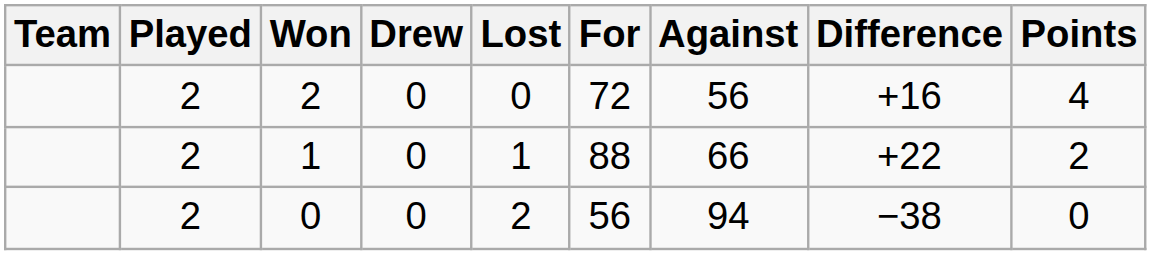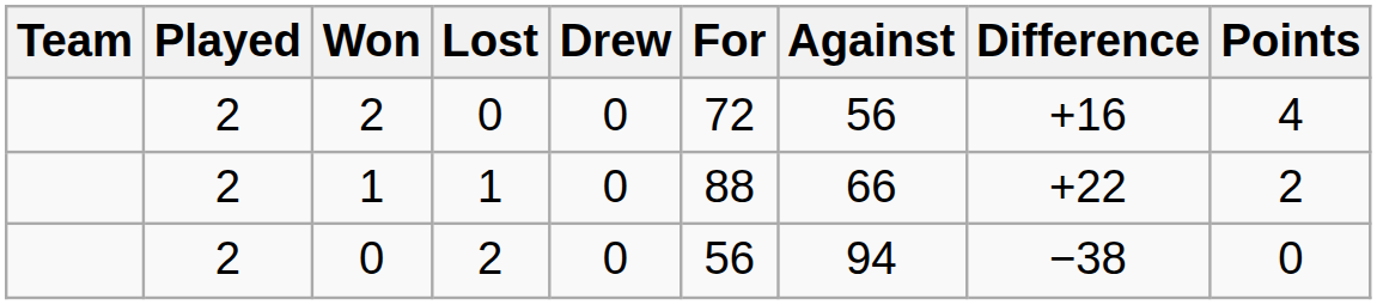 <table class="wikitable" style="text-align:center">
 <tr>
 <th>Team</th>
 <th>Played</th>
 <th>Won</th>
+<th>Lost</th>
 <th>Drew</th>
-<th>Lost</th>
 <th>For</th>
 <th>Against</th>
 <th>Difference</th>
 <th>Points</th>
 </tr>
 <tr>
 <td align=left></td>
 <td>2</td>
 <td>2</td>
 <td>0</td>
 <td>0</td>
 <td>72</td>
 <td>56</td>
 <td>+16</td>
 <td>4</td>
 </tr>
 <tr>
 <td align=left></td>
 <td>2</td>
 <td>1</td>
+<td>1</td>
 <td>0</td>
-<td>1</td>
 <td>88</td>
 <td>66</td>
 <td>+22</td>
 <td>2</td>
 </tr>
 <tr>
 <td align=left></td>
 <td>2</td>
 <td>0</td>
+<td>2</td>
 <td>0</td>
-<td>2</td>
 <td>56</td>
 <td>94</td>
 <td>−38</td>
 <td>0</td>
 </tr>
 </table>
